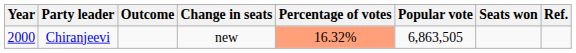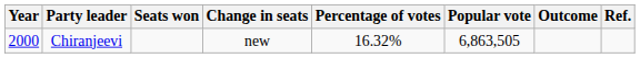 <table class="wikitable sortable" style="text-align:center;">
 <tr>
 <th Style="background-color:">Year</th>
 <th Style="background-color:">Party leader</th>
-<th Style="background-color:">Outcome</th>
+<th Style="background-color:">Seats won</th>
 <th Style="background-color:">Change in seats</th>
 <th Style="background-color:">Percentage of votes</th>
 <th Style="background-color:">Popular vote</th>
-<th Style="background-color:">Seats won</th>
+<th Style="background-color:">Outcome</th>
 <th Style="background-color:">Ref.</th>
 </tr>
 <tr>
 <td><a href='#'>2000</a></td>
 <td><a href='#'>Chiranjeevi</a></td>
 <td></td>
 <td> new</td>
-<td style="background: lightsalmon;">16.32%</td>
+<td>16.32%</td>
 <td>6,863,505</td>
 <td></td>
 <td></td>
 </tr>
 </table>
